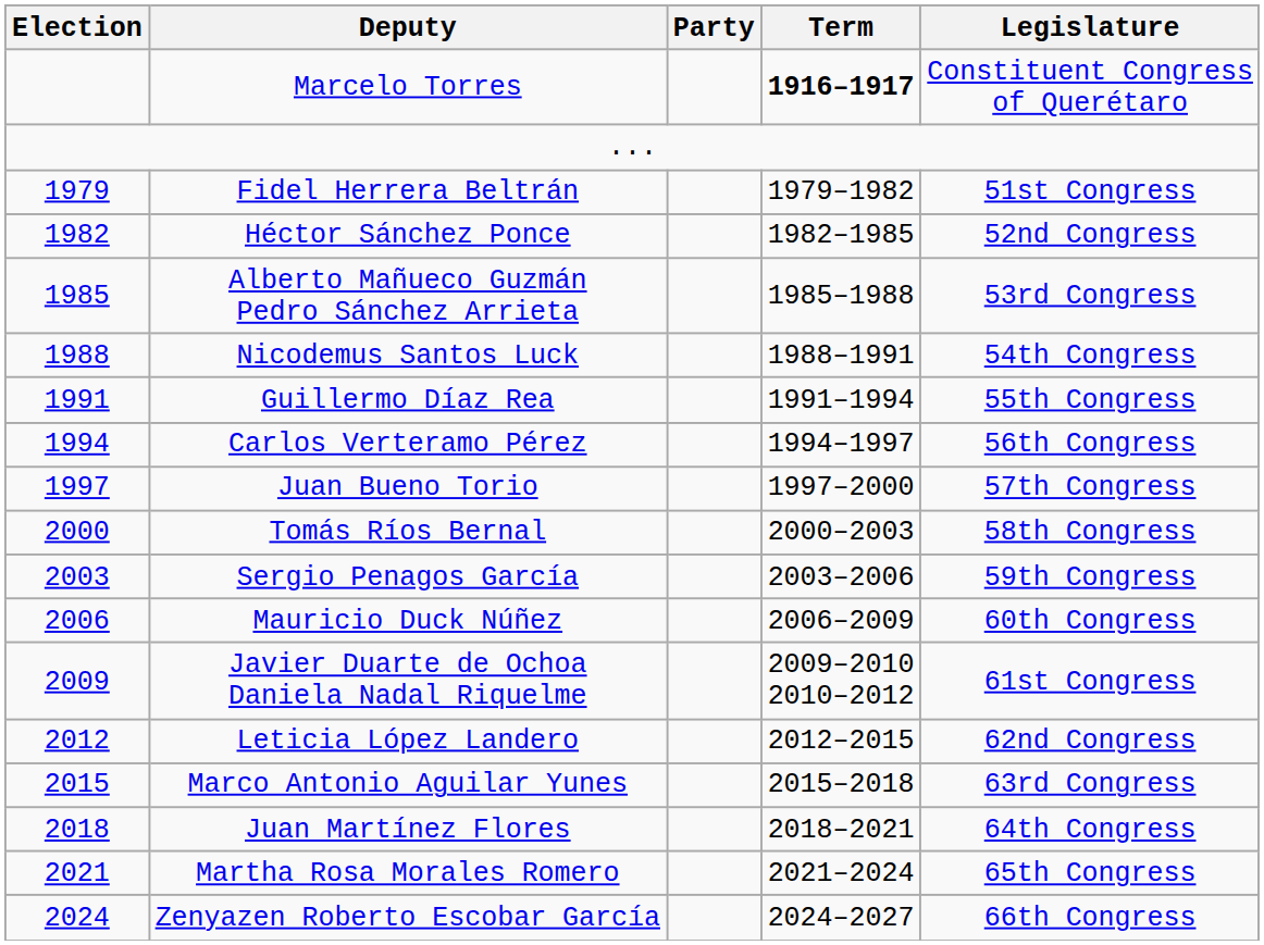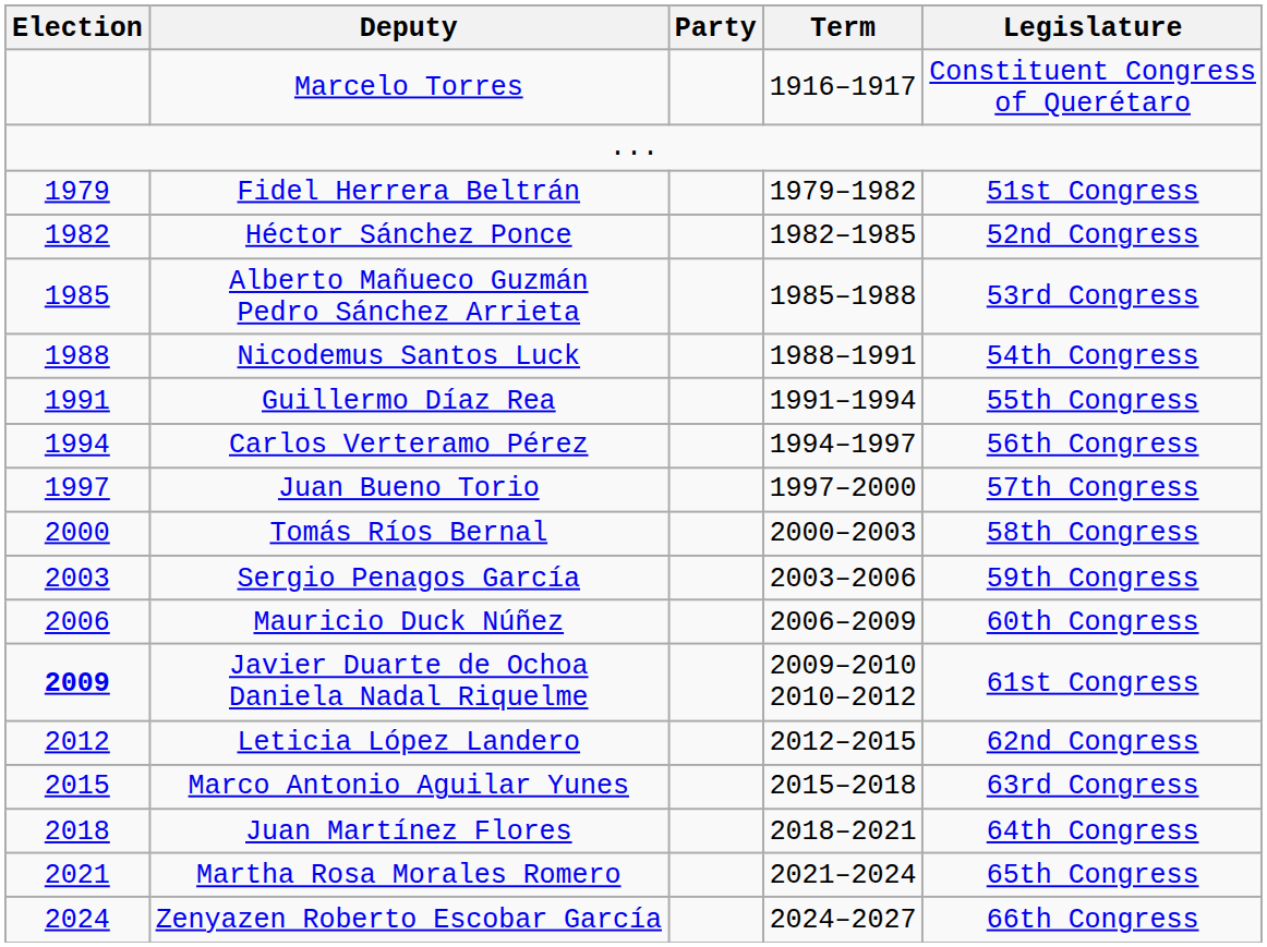 <table class="wikitable sortable" style="text-align: center">
 <tr>
 <th>Election</th>
 <th class="unsortable">Deputy</th>
 <th class="unsortable">Party</th>
 <th class="unsortable">Term</th>
 <th class="unsortable">Legislature</th>
 </tr>
 <tr>
 <td></td>
 <td><a href='#'>Marcelo Torres</a></td>
 <td></td>
-<td><strong>1916–1917</strong></td>
+<td>1916–1917</td>
 <td><a href='#'>Constituent Congress<br>of Querétaro</a></td>
 </tr>
 <tr>
 <td colspan=5> ...</td>
 </tr>
 <tr>
 <td><a href='#'>1979</a></td>
 <td><a href='#'>Fidel Herrera Beltrán</a></td>
 <td></td>
 <td>1979–1982</td>
 <td><a href='#'>51st Congress</a></td>
 </tr>
 <tr>
 <td><a href='#'>1982</a></td>
 <td><a href='#'>Héctor Sánchez Ponce</a></td>
 <td></td>
 <td>1982–1985</td>
 <td><a href='#'>52nd Congress</a></td>
 </tr>
 <tr>
 <td><a href='#'>1985</a></td>
 <td><a href='#'>Alberto Mañueco Guzmán</a><br><a href='#'>Pedro Sánchez Arrieta</a></td>
 <td></td>
 <td>1985–1988</td>
 <td><a href='#'>53rd Congress</a></td>
 </tr>
 <tr>
 <td><a href='#'>1988</a></td>
 <td><a href='#'>Nicodemus Santos Luck</a></td>
 <td></td>
 <td>1988–1991</td>
 <td><a href='#'>54th Congress</a></td>
 </tr>
 <tr>
 <td><a href='#'>1991</a></td>
 <td><a href='#'>Guillermo Díaz Rea</a></td>
 <td></td>
 <td>1991–1994</td>
 <td><a href='#'>55th Congress</a></td>
 </tr>
 <tr>
 <td><a href='#'>1994</a></td>
 <td><a href='#'>Carlos Verteramo Pérez</a></td>
 <td></td>
 <td>1994–1997</td>
 <td><a href='#'>56th Congress</a></td>
 </tr>
 <tr>
 <td><a href='#'>1997</a></td>
 <td><a href='#'>Juan Bueno Torio</a></td>
 <td></td>
 <td>1997–2000</td>
 <td><a href='#'>57th Congress</a></td>
 </tr>
 <tr>
 <td><a href='#'>2000</a></td>
 <td><a href='#'>Tomás Ríos Bernal</a></td>
 <td></td>
 <td>2000–2003</td>
 <td><a href='#'>58th Congress</a></td>
 </tr>
 <tr>
 <td><a href='#'>2003</a></td>
 <td><a href='#'>Sergio Penagos García</a></td>
 <td></td>
 <td>2003–2006</td>
 <td><a href='#'>59th Congress</a></td>
 </tr>
 <tr>
 <td><a href='#'>2006</a></td>
 <td><a href='#'>Mauricio Duck Núñez</a></td>
 <td></td>
 <td>2006–2009</td>
 <td><a href='#'>60th Congress</a></td>
 </tr>
 <tr>
-<td><a href='#'>2009</a></td>
+<td><strong><a href='#'>2009</a></strong></td>
 <td><a href='#'>Javier Duarte de Ochoa</a><br><a href='#'>Daniela Nadal Riquelme</a></td>
 <td></td>
 <td>2009–2010<br>2010–2012</td>
 <td><a href='#'>61st Congress</a></td>
 </tr>
 <tr>
 <td><a href='#'>2012</a></td>
 <td><a href='#'>Leticia López Landero</a></td>
 <td></td>
 <td>2012–2015</td>
 <td><a href='#'>62nd Congress</a></td>
 </tr>
 <tr>
 <td><a href='#'>2015</a></td>
 <td><a href='#'>Marco Antonio Aguilar Yunes</a></td>
 <td></td>
 <td>2015–2018</td>
 <td><a href='#'>63rd Congress</a></td>
 </tr>
 <tr>
 <td><a href='#'>2018</a></td>
 <td><a href='#'>Juan Martínez Flores</a></td>
 <td></td>
 <td>2018–2021</td>
 <td><a href='#'>64th Congress</a></td>
 </tr>
 <tr>
 <td><a href='#'>2021</a></td>
 <td><a href='#'>Martha Rosa Morales Romero</a></td>
 <td></td>
 <td>2021–2024</td>
 <td><a href='#'>65th Congress</a></td>
 </tr>
 <tr>
 <td><a href='#'>2024</a></td>
 <td><a href='#'>Zenyazen Roberto Escobar García</a></td>
 <td></td>
 <td>2024–2027</td>
 <td><a href='#'>66th Congress</a></td>
 </tr>
 </table>
